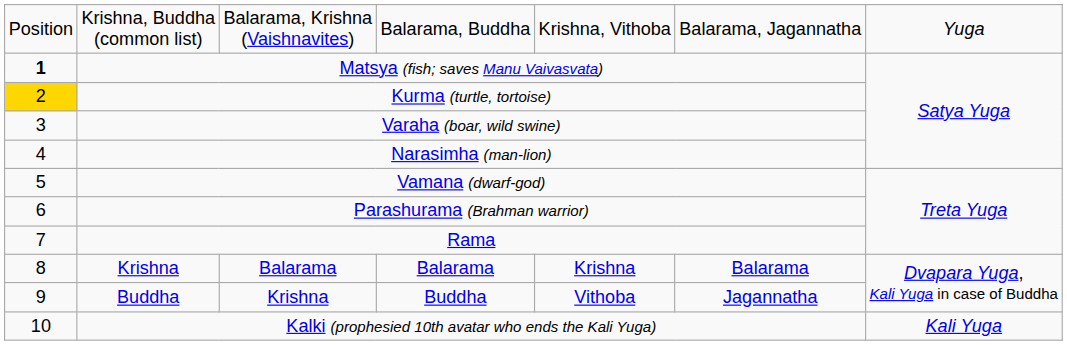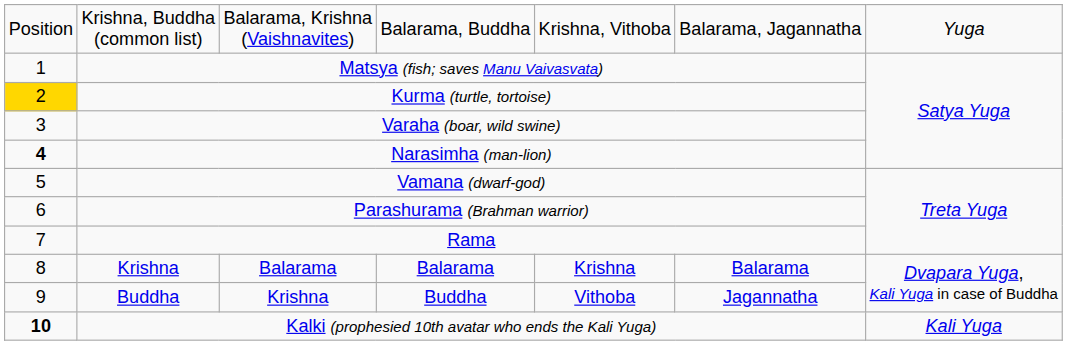 <table class="wikitable sortable" style="text-align:center;">
 <tr>
 <td>Position</td>
 <td>Krishna, Buddha<br>(common list)<br></td>
 <td>Balarama, Krishna<br>(<a href='#'>Vaishnavites</a>)<br></td>
 <td>Balarama, Buddha<br></td>
 <td>Krishna, Vithoba<br></td>
 <td>Balarama, Jagannatha<br></td>
 <td><em>Yuga</em></td>
 </tr>
 <tr>
-<td><strong>1</strong></td>
+<td>1</td>
 <td colspan=5><a href='#'>Matsya</a> <small><em>(fish; saves <a href='#'>Manu Vaivasvata</a>)</em></small></td>
 <td rowspan="4"><em><a href='#'>Satya Yuga</a></em></td>
 </tr>
 <tr>
 <td style="background: gold;">2</td>
 <td colspan=5><a href='#'>Kurma</a> <small><em>(turtle, tortoise)</em></small></td>
 </tr>
 <tr>
 <td>3</td>
 <td colspan=5><a href='#'>Varaha</a> <small><em>(boar, wild swine)</em></small></td>
 </tr>
 <tr>
-<td>4</td>
+<td><strong>4</strong></td>
 <td colspan=5><a href='#'>Narasimha</a> <small><em>(man-lion)</em></small></td>
 </tr>
 <tr>
 <td>5</td>
 <td colspan=5><a href='#'>Vamana</a> <small><em>(dwarf-god)</em></small></td>
 <td rowspan="3"><em><a href='#'>Treta Yuga</a></em></td>
 </tr>
 <tr>
 <td>6</td>
 <td colspan=5><a href='#'>Parashurama</a> <small><em>(Brahman warrior)</em></small></td>
 </tr>
 <tr>
 <td>7</td>
 <td colspan=5><a href='#'>Rama</a></td>
 </tr>
 <tr>
 <td>8</td>
 <td><a href='#'>Krishna</a></td>
 <td><a href='#'>Balarama</a></td>
 <td><a href='#'>Balarama</a></td>
 <td><a href='#'>Krishna</a></td>
 <td><a href='#'>Balarama</a></td>
 <td rowspan=2><em><a href='#'>Dvapara Yuga</a></em>,<br><small><em><a href='#'>Kali Yuga</a></em> in case of Buddha</small></td>
 </tr>
 <tr>
 <td>9</td>
 <td><a href='#'>Buddha</a></td>
 <td><a href='#'>Krishna</a></td>
 <td><a href='#'>Buddha</a></td>
 <td><a href='#'>Vithoba</a></td>
 <td><a href='#'>Jagannatha</a></td>
 </tr>
 <tr>
-<td>10</td>
+<td><strong>10</strong></td>
 <td colspan="5"><a href='#'>Kalki</a> <small><em>(prophesied 10th avatar who ends the Kali Yuga)</em></small></td>
 <td><em><a href='#'>Kali Yuga</a></em></td>
 </tr>
 </table>
